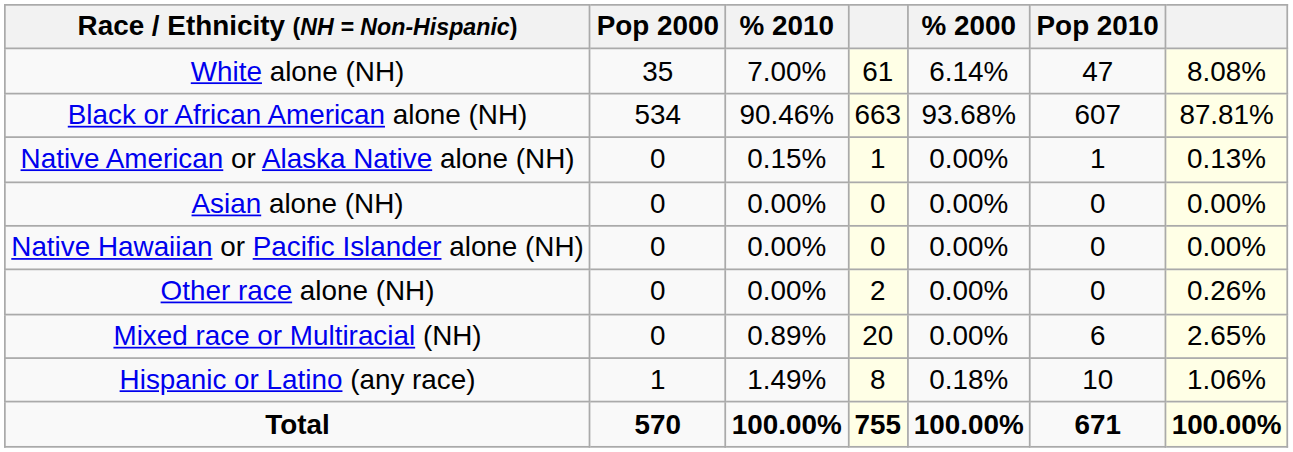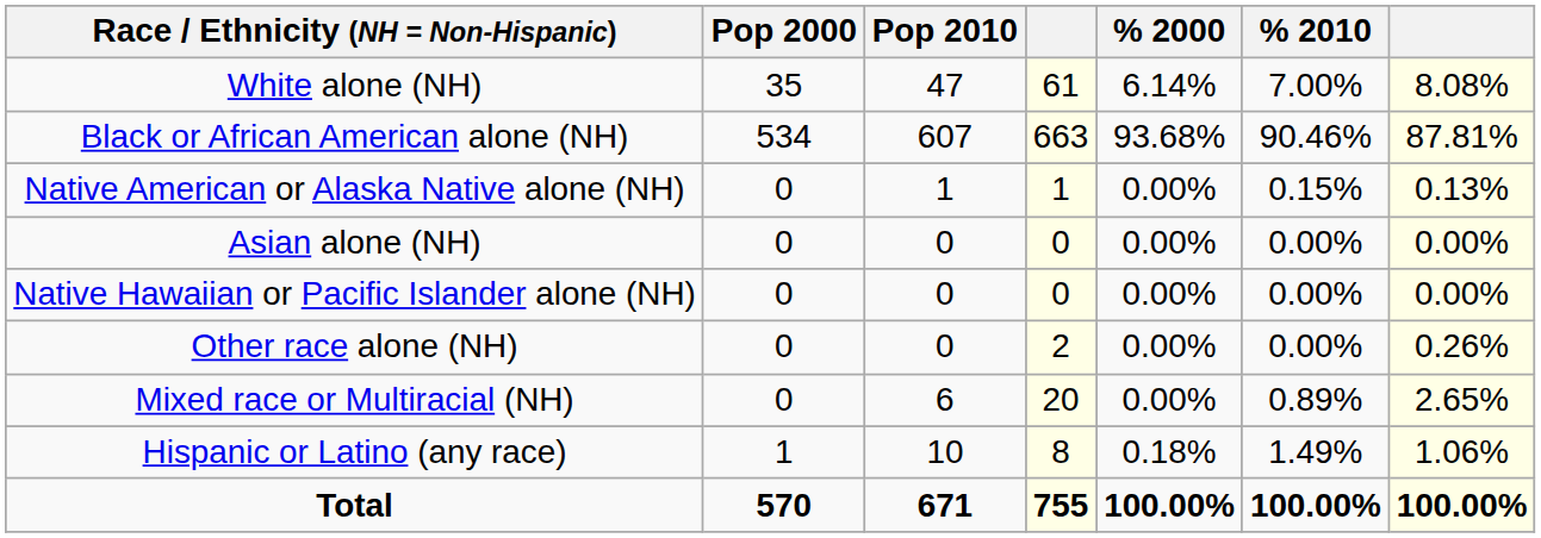 <table class="wikitable" style="text-align:center;">
 <tr>
 <th>Race / Ethnicity <small>(<em>NH = Non-Hispanic</em>)</small></th>
 <th>Pop 2000</th>
-<th>% 2010</th>
+<th>Pop 2010</th>
 <th></th>
 <th>% 2000</th>
-<th>Pop 2010</th>
+<th>% 2010</th>
 <th></th>
 </tr>
 <tr>
 <td><a href='#'>White</a> alone (NH)</td>
 <td>35</td>
-<td>7.00%</td>
+<td>47</td>
 <td style='background: #ffffe6;'>61</td>
 <td>6.14%</td>
-<td>47</td>
+<td>7.00%</td>
 <td style='background: #ffffe6;'>8.08%</td>
 </tr>
 <tr>
 <td><a href='#'>Black or African American</a> alone (NH)</td>
 <td>534</td>
-<td>90.46%</td>
+<td>607</td>
 <td style='background: #ffffe6;'>663</td>
 <td>93.68%</td>
-<td>607</td>
+<td>90.46%</td>
 <td style='background: #ffffe6;'>87.81%</td>
 </tr>
 <tr>
 <td><a href='#'>Native American</a> or <a href='#'>Alaska Native</a> alone (NH)</td>
 <td>0</td>
-<td>0.15%</td>
+<td>1</td>
 <td style='background: #ffffe6;'>1</td>
 <td>0.00%</td>
-<td>1</td>
+<td>0.15%</td>
 <td style='background: #ffffe6;'>0.13%</td>
 </tr>
 <tr>
 <td><a href='#'>Asian</a> alone (NH)</td>
 <td>0</td>
-<td>0.00%</td>
+<td>0</td>
 <td style='background: #ffffe6;'>0</td>
 <td>0.00%</td>
-<td>0</td>
+<td>0.00%</td>
 <td style='background: #ffffe6;'>0.00%</td>
 </tr>
 <tr>
 <td><a href='#'>Native Hawaiian</a> or <a href='#'>Pacific Islander</a> alone (NH)</td>
 <td>0</td>
-<td>0.00%</td>
+<td>0</td>
 <td style='background: #ffffe6;'>0</td>
 <td>0.00%</td>
-<td>0</td>
+<td>0.00%</td>
 <td style='background: #ffffe6;'>0.00%</td>
 </tr>
 <tr>
 <td><a href='#'>Other race</a> alone (NH)</td>
 <td>0</td>
-<td>0.00%</td>
+<td>0</td>
 <td style='background: #ffffe6;'>2</td>
 <td>0.00%</td>
-<td>0</td>
+<td>0.00%</td>
 <td style='background: #ffffe6;'>0.26%</td>
 </tr>
 <tr>
 <td><a href='#'>Mixed race or Multiracial</a> (NH)</td>
 <td>0</td>
-<td>0.89%</td>
+<td>6</td>
 <td style='background: #ffffe6;'>20</td>
 <td>0.00%</td>
-<td>6</td>
+<td>0.89%</td>
 <td style='background: #ffffe6;'>2.65%</td>
 </tr>
 <tr>
 <td><a href='#'>Hispanic or Latino</a> (any race)</td>
 <td>1</td>
-<td>1.49%</td>
+<td>10</td>
 <td style='background: #ffffe6;'>8</td>
 <td>0.18%</td>
-<td>10</td>
+<td>1.49%</td>
 <td style='background: #ffffe6;'>1.06%</td>
 </tr>
 <tr>
 <td><strong>Total</strong></td>
 <td><strong>570</strong></td>
-<td><strong>100.00%</strong></td>
+<td><strong>671</strong></td>
 <td style='background: #ffffe6;'><strong>755</strong></td>
 <td><strong>100.00%</strong></td>
-<td><strong>671</strong></td>
+<td><strong>100.00%</strong></td>
 <td style='background: #ffffe6;'><strong>100.00%</strong></td>
 </tr>
 </table>
